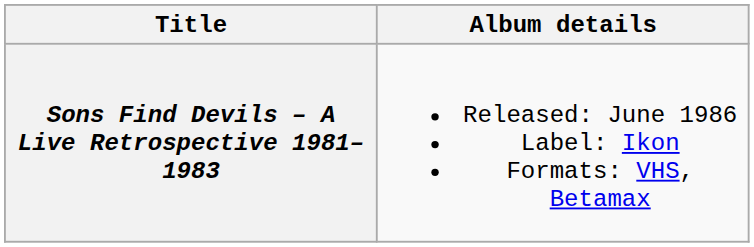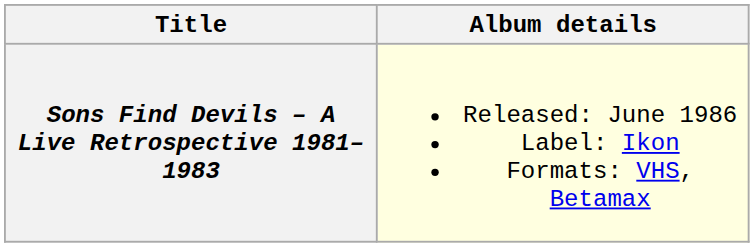 <table class="wikitable plainrowheaders" style="text-align:center;">
 <tr>
 <th scope="col" style="width:15em;">Title</th>
 <th scope="col" style="width:15em;">Album details</th>
 </tr>
 <tr>
 <th scope="row"><em>Sons Find Devils – A Live Retrospective 1981–1983</em></th>
-<td><br><ul><li>Released: June 1986</li><li>Label: <a href='#'>Ikon</a></li><li>Formats: <a href='#'>VHS</a>, <a href='#'>Betamax</a></li></ul></td>
+<td style="background: lightyellow;"><br><ul><li>Released: June 1986</li><li>Label: <a href='#'>Ikon</a></li><li>Formats: <a href='#'>VHS</a>, <a href='#'>Betamax</a></li></ul></td>
 </tr>
 </table>
